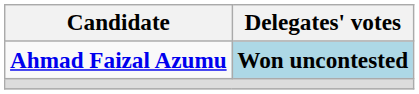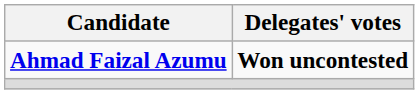 <table class="wikitable" style="text-align:center">
 <tr>
 <th>Candidate</th>
 <th>Delegates' votes</th>
 </tr>
 <tr>
 <td align="left"><strong><a href='#'>Ahmad Faizal Azumu</a></strong></td>
-<td colspan="1" style="background: lightblue;"><strong>Won uncontested</strong></td>
+<td colspan="1"><strong>Won uncontested</strong></td>
 </tr>
 <tr>
 <td colspan="3" bgcolor="dcdcdc"></td>
 </tr>
 </table>
